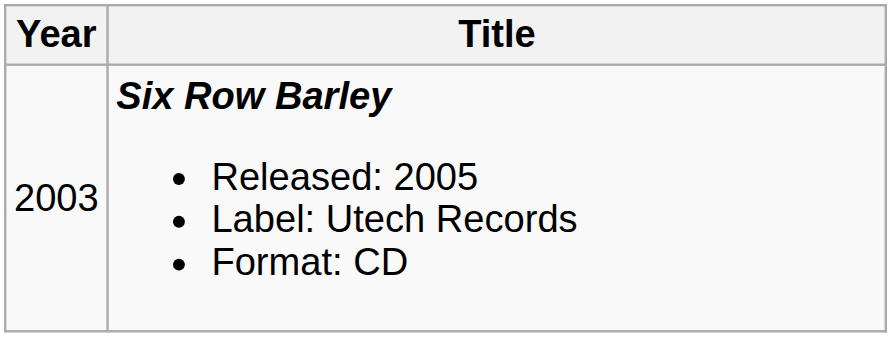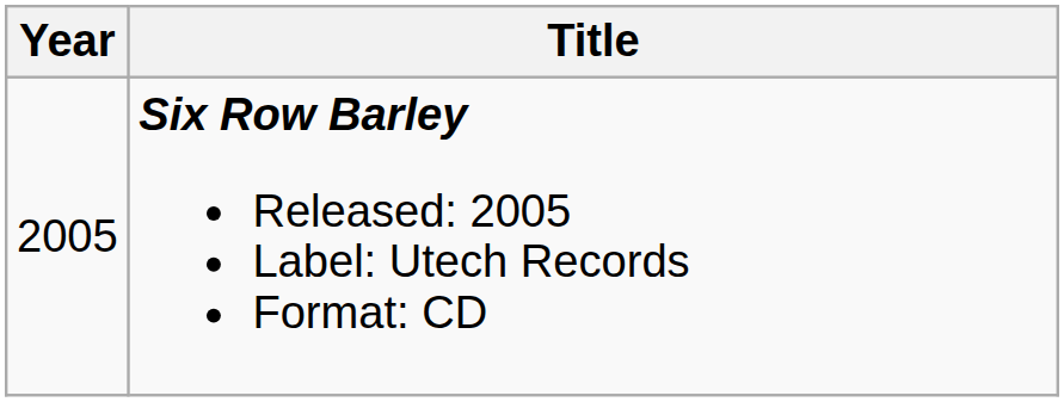 <table class="wikitable">
 <tr>
 <th>Year</th>
 <th style="width:225px;">Title</th>
 </tr>
 <tr>
-<td>2003</td>
+<td>2005</td>
 <td style="width:20em"><strong><em>Six Row Barley</em></strong><br><ul><li>Released: 2005</li><li>Label: Utech Records </li><li>Format: CD</li></ul></td>
 </tr>
 </table>
